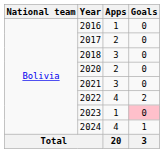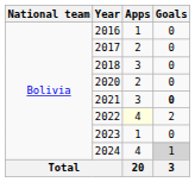 <table class="wikitable" style="text-align:center">
 <tr>
 <th>National team</th>
 <th>Year</th>
 <th>Apps</th>
 <th>Goals</th>
 </tr>
 <tr>
 <td rowspan="8"><a href='#'>Bolivia</a></td>
 <td>2016</td>
 <td>1</td>
 <td>0</td>
 </tr>
 <tr>
 <td>2017</td>
 <td>2</td>
 <td>0</td>
 </tr>
 <tr>
 <td>2018</td>
 <td>3</td>
 <td>0</td>
 </tr>
 <tr>
 <td>2020</td>
 <td>2</td>
 <td>0</td>
 </tr>
 <tr>
 <td>2021</td>
 <td>3</td>
-<td>0</td>
+<td><strong>0</strong></td>
 </tr>
 <tr>
 <td>2022</td>
-<td>4</td>
+<td style="background: lightyellow;">4</td>
 <td>2</td>
 </tr>
 <tr>
 <td>2023</td>
 <td>1</td>
-<td style="background: pink;">0</td>
+<td>0</td>
 </tr>
 <tr>
 <td>2024</td>
 <td>4</td>
-<td>1</td>
+<td style="background: lightgrey;">1</td>
 </tr>
 <tr>
 <th colspan="2">Total</th>
 <th>20</th>
 <th>3</th>
 </tr>
 </table>
